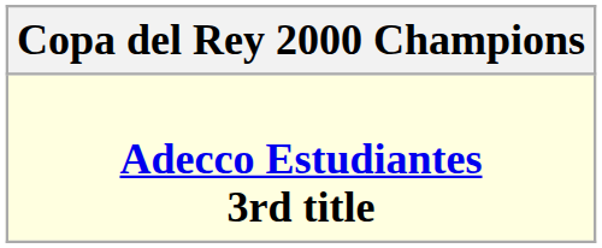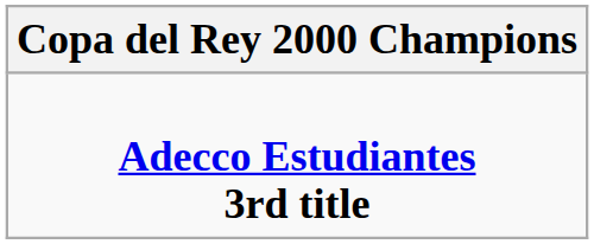 <table class=wikitable style="text-align:center; margin:auto">
 <tr>
 <th>Copa del Rey 2000 Champions</th>
 </tr>
 <tr>
-<td style="background: lightyellow;"><br> <strong><a href='#'>Adecco Estudiantes</a></strong> <br> <strong>3rd title</strong></td>
+<td><br> <strong><a href='#'>Adecco Estudiantes</a></strong> <br> <strong>3rd title</strong></td>
 </tr>
 </table>
